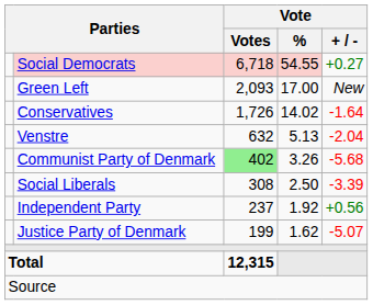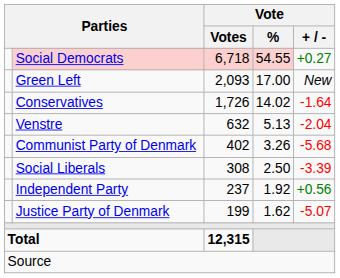 <table class="wikitable" style="text-align:right;">
 <tr>
 <th style="text-align:centre;" rowspan="2" colspan="2" width="225">Parties</th>
 <th colspan="3">Vote</th>
 </tr>
 <tr>
 <th width="15">Votes</th>
 <th width="15">%</th>
 <th width="15">+ / -</th>
 </tr>
 <tr>
 <td width="2" style="color:inherit;background:"></td>
 <td bgcolor=#fbd0ce  align="left"><a href='#'>Social Democrats</a></td>
 <td bgcolor=#fbd0ce>6,718</td>
 <td bgcolor=#fbd0ce>54.55</td>
 <td style=color:green;>+0.27</td>
 </tr>
 <tr>
 <td width="2" style="color:inherit;background:"></td>
 <td align="left"><a href='#'>Green Left</a></td>
 <td>2,093</td>
 <td>17.00</td>
 <td><em>New</em></td>
 </tr>
 <tr>
 <td width="2" style="color:inherit;background:"></td>
 <td align="left"><a href='#'>Conservatives</a></td>
 <td>1,726</td>
 <td>14.02</td>
 <td style=color:red;>-1.64</td>
 </tr>
 <tr>
 <td width="2" style="color:inherit;background:"></td>
 <td align="left"><a href='#'>Venstre</a></td>
 <td>632</td>
 <td>5.13</td>
 <td style=color:red;>-2.04</td>
 </tr>
 <tr>
 <td width="2" style="color:inherit;background:"></td>
 <td align="left"><a href='#'>Communist Party of Denmark</a></td>
-<td style="background: lightgreen;">402</td>
+<td>402</td>
 <td>3.26</td>
 <td style=color:red;>-5.68</td>
 </tr>
 <tr>
 <td width="2" style="color:inherit;background:"></td>
 <td align="left"><a href='#'>Social Liberals</a></td>
 <td>308</td>
 <td>2.50</td>
 <td style=color:red;>-3.39</td>
 </tr>
 <tr>
 <td width="2" style="color:inherit;background:"></td>
 <td align="left"><a href='#'>Independent Party</a></td>
 <td>237</td>
 <td>1.92</td>
 <td style=color:green;>+0.56</td>
 </tr>
 <tr>
 <td width="2" style="color:inherit;background:"></td>
 <td align="left"><a href='#'>Justice Party of Denmark</a></td>
 <td>199</td>
 <td>1.62</td>
 <td style=color:red;>-5.07</td>
 </tr>
 <tr>
 <td colspan="7" bgcolor="#E9E9E9"></td>
 </tr>
 <tr>
 <td align="left" colspan="2"><strong>Total</strong></td>
 <td><strong>12,315</strong></td>
 <td bgcolor="#E9E9E9" colspan="2"></td>
 </tr>
 <tr>
 <td align="left" colspan="6">Source</td>
 </tr>
 </table>
